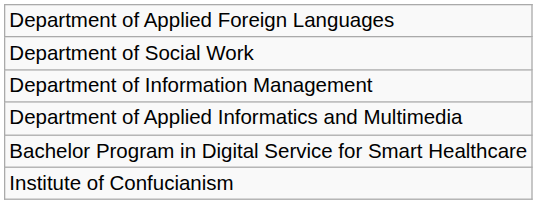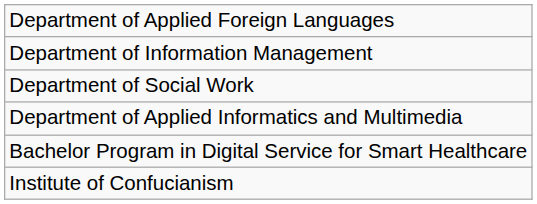 <table class="wikitable">
 <tr>
 <td>Department of Applied Foreign Languages</td>
 </tr>
 <tr>
-<td>Department of Social Work</td>
+<td>Department of Information Management</td>
 </tr>
 <tr>
-<td>Department of Information Management</td>
+<td>Department of Social Work</td>
 </tr>
 <tr>
 <td>Department of Applied Informatics and Multimedia</td>
 </tr>
 <tr>
 <td>Bachelor Program in Digital Service for Smart Healthcare</td>
 </tr>
 <tr>
 <td>Institute of Confucianism</td>
 </tr>
 </table>
